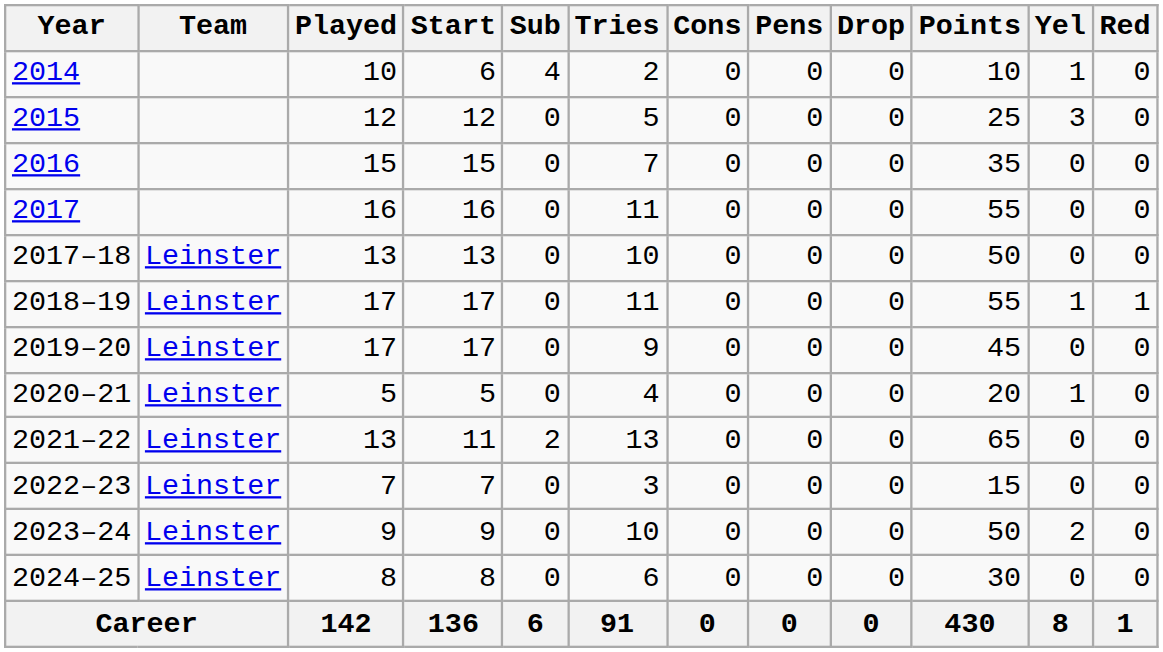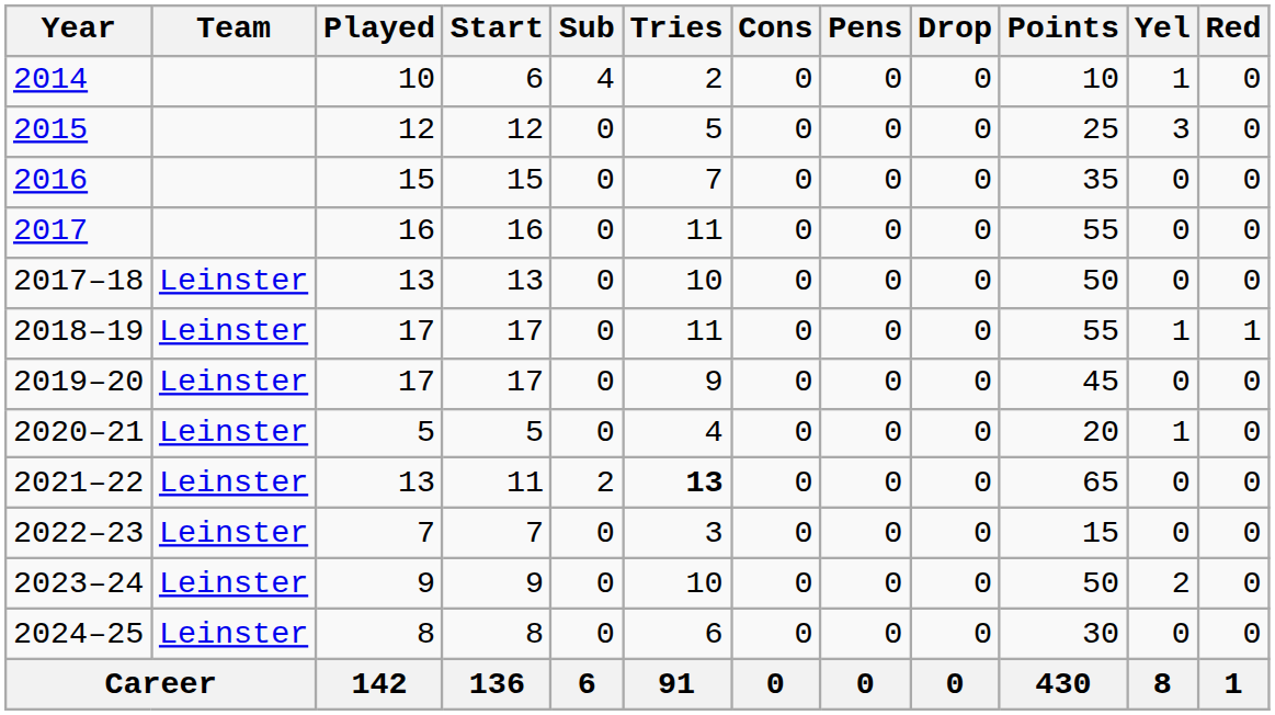 <table class="wikitable sortable" style="font-size: 95%; text-align: right;">
 <tr>
 <th>Year</th>
 <th>Team</th>
 <th>Played</th>
 <th>Start</th>
 <th>Sub</th>
 <th>Tries</th>
 <th>Cons</th>
 <th>Pens</th>
 <th>Drop</th>
 <th>Points</th>
 <th>Yel</th>
 <th>Red</th>
 </tr>
 <tr>
 <td align="left"><a href='#'>2014</a></td>
 <td align="left"></td>
 <td>10</td>
 <td>6</td>
 <td>4</td>
 <td>2</td>
 <td>0</td>
 <td>0</td>
 <td>0</td>
 <td>10</td>
 <td>1</td>
 <td>0</td>
 </tr>
 <tr>
 <td align="left"><a href='#'>2015</a></td>
 <td align="left"></td>
 <td>12</td>
 <td>12</td>
 <td>0</td>
 <td>5</td>
 <td>0</td>
 <td>0</td>
 <td>0</td>
 <td>25</td>
 <td>3</td>
 <td>0</td>
 </tr>
 <tr>
 <td align="left"><a href='#'>2016</a></td>
 <td align="left"></td>
 <td>15</td>
 <td>15</td>
 <td>0</td>
 <td>7</td>
 <td>0</td>
 <td>0</td>
 <td>0</td>
 <td>35</td>
 <td>0</td>
 <td>0</td>
 </tr>
 <tr>
 <td align="left"><a href='#'>2017</a></td>
 <td align="left"></td>
 <td>16</td>
 <td>16</td>
 <td>0</td>
 <td>11</td>
 <td>0</td>
 <td>0</td>
 <td>0</td>
 <td>55</td>
 <td>0</td>
 <td>0</td>
 </tr>
 <tr>
 <td align="left">2017–18</td>
 <td align="left"><a href='#'>Leinster</a></td>
 <td>13</td>
 <td>13</td>
 <td>0</td>
 <td>10</td>
 <td>0</td>
 <td>0</td>
 <td>0</td>
 <td>50</td>
 <td>0</td>
 <td>0</td>
 </tr>
 <tr>
 <td align="left">2018–19</td>
 <td align="left"><a href='#'>Leinster</a></td>
 <td>17</td>
 <td>17</td>
 <td>0</td>
 <td>11</td>
 <td>0</td>
 <td>0</td>
 <td>0</td>
 <td>55</td>
 <td>1</td>
 <td>1</td>
 </tr>
 <tr>
 <td align="left">2019–20</td>
 <td align="left"><a href='#'>Leinster</a></td>
 <td>17</td>
 <td>17</td>
 <td>0</td>
 <td>9</td>
 <td>0</td>
 <td>0</td>
 <td>0</td>
 <td>45</td>
 <td>0</td>
 <td>0</td>
 </tr>
 <tr>
 <td align="left">2020–21</td>
 <td align="left"><a href='#'>Leinster</a></td>
 <td>5</td>
 <td>5</td>
 <td>0</td>
 <td>4</td>
 <td>0</td>
 <td>0</td>
 <td>0</td>
 <td>20</td>
 <td>1</td>
 <td>0</td>
 </tr>
 <tr>
 <td align="left">2021–22</td>
 <td align="left"><a href='#'>Leinster</a></td>
 <td>13</td>
 <td>11</td>
 <td>2</td>
-<td>13</td>
+<td><strong>13</strong></td>
 <td>0</td>
 <td>0</td>
 <td>0</td>
 <td>65</td>
 <td>0</td>
 <td>0</td>
 </tr>
 <tr>
 <td align="left">2022–23</td>
 <td align="left"><a href='#'>Leinster</a></td>
 <td>7</td>
 <td>7</td>
 <td>0</td>
 <td>3</td>
 <td>0</td>
 <td>0</td>
 <td>0</td>
 <td>15</td>
 <td>0</td>
 <td>0</td>
 </tr>
 <tr>
 <td align="left">2023–24</td>
 <td align="left"><a href='#'>Leinster</a></td>
 <td>9</td>
 <td>9</td>
 <td>0</td>
 <td>10</td>
 <td>0</td>
 <td>0</td>
 <td>0</td>
 <td>50</td>
 <td>2</td>
 <td>0</td>
 </tr>
 <tr>
 <td align="left">2024–25</td>
 <td align="left"><a href='#'>Leinster</a></td>
 <td>8</td>
 <td>8</td>
 <td>0</td>
 <td>6</td>
 <td>0</td>
 <td>0</td>
 <td>0</td>
 <td>30</td>
 <td>0</td>
 <td>0</td>
 </tr>
 <tr class="sortbottom">
 <th style="text-align:center;" colspan="2">Career</th>
 <th>142</th>
 <th>136</th>
 <th>6</th>
 <th>91</th>
 <th>0</th>
 <th>0</th>
 <th>0</th>
 <th>430</th>
 <th>8</th>
 <th>1</th>
 </tr>
 </table>
